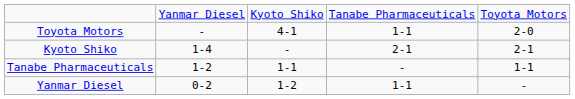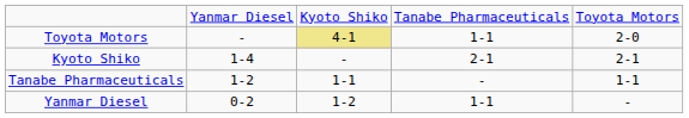 <table class="wikitable">
 <tr align=center>
 <td></td>
 <td><a href='#'>Yanmar Diesel</a></td>
 <td><a href='#'>Kyoto Shiko</a></td>
 <td><a href='#'>Tanabe Pharmaceuticals</a></td>
 <td><a href='#'>Toyota Motors</a></td>
 </tr>
 <tr align=center>
 <td><a href='#'>Toyota Motors</a></td>
 <td>-</td>
-<td>4-1</td>
+<td style="background: khaki;">4-1</td>
 <td>1-1</td>
 <td>2-0</td>
 </tr>
 <tr align=center>
 <td><a href='#'>Kyoto Shiko</a></td>
 <td>1-4</td>
 <td>-</td>
 <td>2-1</td>
 <td>2-1</td>
 </tr>
 <tr align=center>
 <td><a href='#'>Tanabe Pharmaceuticals</a></td>
 <td>1-2</td>
 <td>1-1</td>
 <td>-</td>
 <td>1-1</td>
 </tr>
 <tr align=center>
 <td><a href='#'>Yanmar Diesel</a></td>
 <td>0-2</td>
 <td>1-2</td>
 <td>1-1</td>
 <td>-</td>
 </tr>
 </table>
